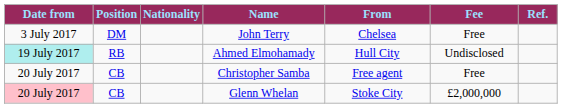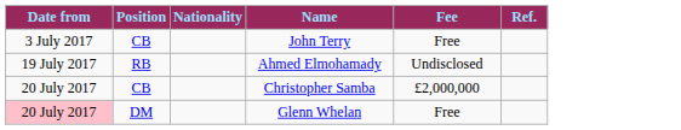 <table class="wikitable"  style="text-align:center; font-size:90%; ">
 <tr>
 <th style="background:#98285c; color:#9be1ff; width:100px;">Date from</th>
 <th style="background:#98285c; color:#9be1ff; width:50px;">Position</th>
 <th style="background:#98285c; color:#9be1ff; width:50px;">Nationality</th>
 <th style="background:#98285c; color:#9be1ff; width:140px;">Name</th>
-<th style="background:#98285c; color:#9be1ff; width:120px;">From</th>
 <th style="background:#98285c; color:#9be1ff; width:100px;">Fee</th>
 <th style="background:#98285c; color:#9be1ff; width:40px;">Ref.</th>
 </tr>
 <tr>
 <td>3 July 2017</td>
-<td><a href='#'>DM</a></td>
+<td><a href='#'>CB</a></td>
 <td></td>
 <td><a href='#'>John Terry</a></td>
-<td><a href='#'>Chelsea</a></td>
 <td>Free</td>
 <td></td>
 </tr>
 <tr>
-<td style="background: paleturquoise;">19 July 2017</td>
+<td>19 July 2017</td>
 <td><a href='#'>RB</a></td>
 <td></td>
 <td><a href='#'>Ahmed Elmohamady</a></td>
-<td><a href='#'>Hull City</a></td>
 <td>Undisclosed</td>
 <td></td>
 </tr>
 <tr>
 <td>20 July 2017</td>
 <td><a href='#'>CB</a></td>
 <td></td>
 <td><a href='#'>Christopher Samba</a></td>
-<td><a href='#'>Free agent</a></td>
-<td>Free</td>
+<td>£2,000,000</td>
 <td></td>
 </tr>
 <tr>
 <td style="background: pink;">20 July 2017</td>
-<td><a href='#'>CB</a></td>
+<td><a href='#'>DM</a></td>
 <td></td>
 <td><a href='#'>Glenn Whelan</a></td>
-<td><a href='#'>Stoke City</a></td>
-<td>£2,000,000</td>
+<td>Free</td>
 <td></td>
 </tr>
 </table>
